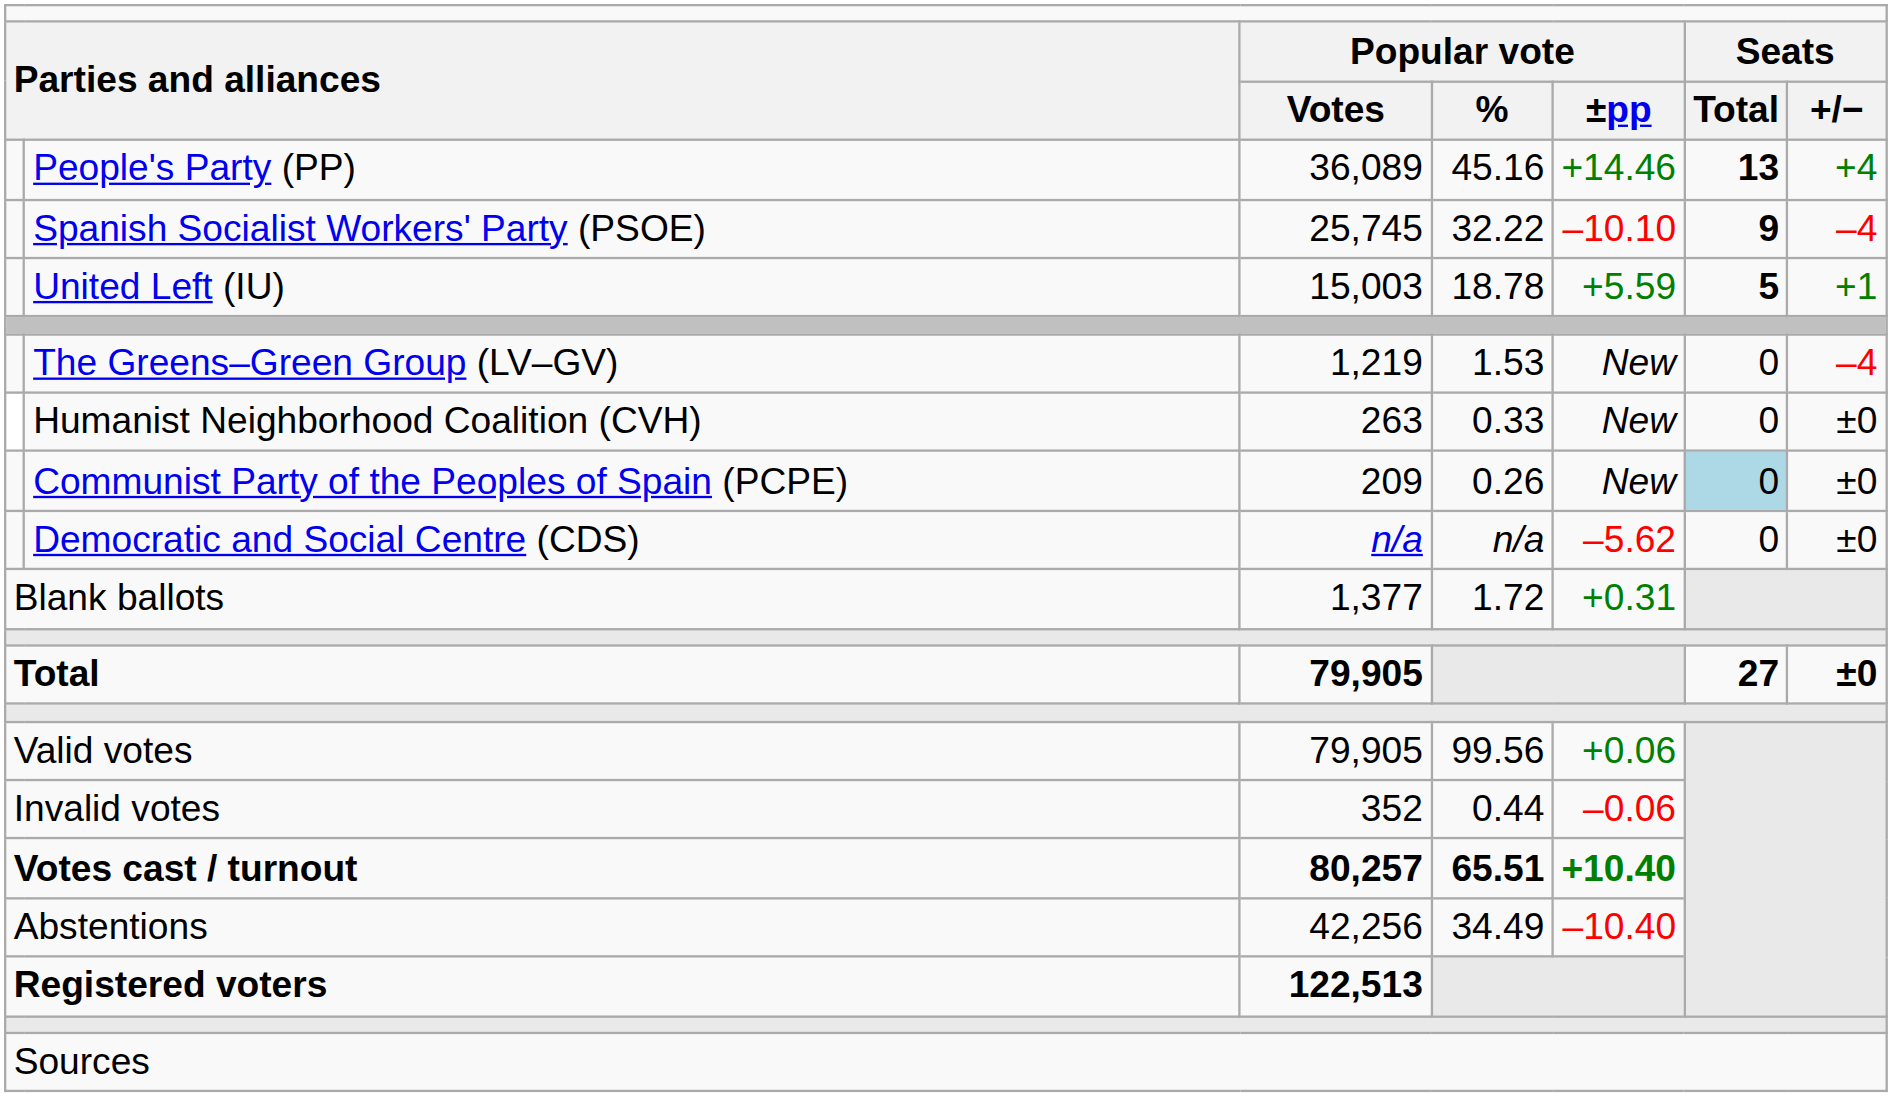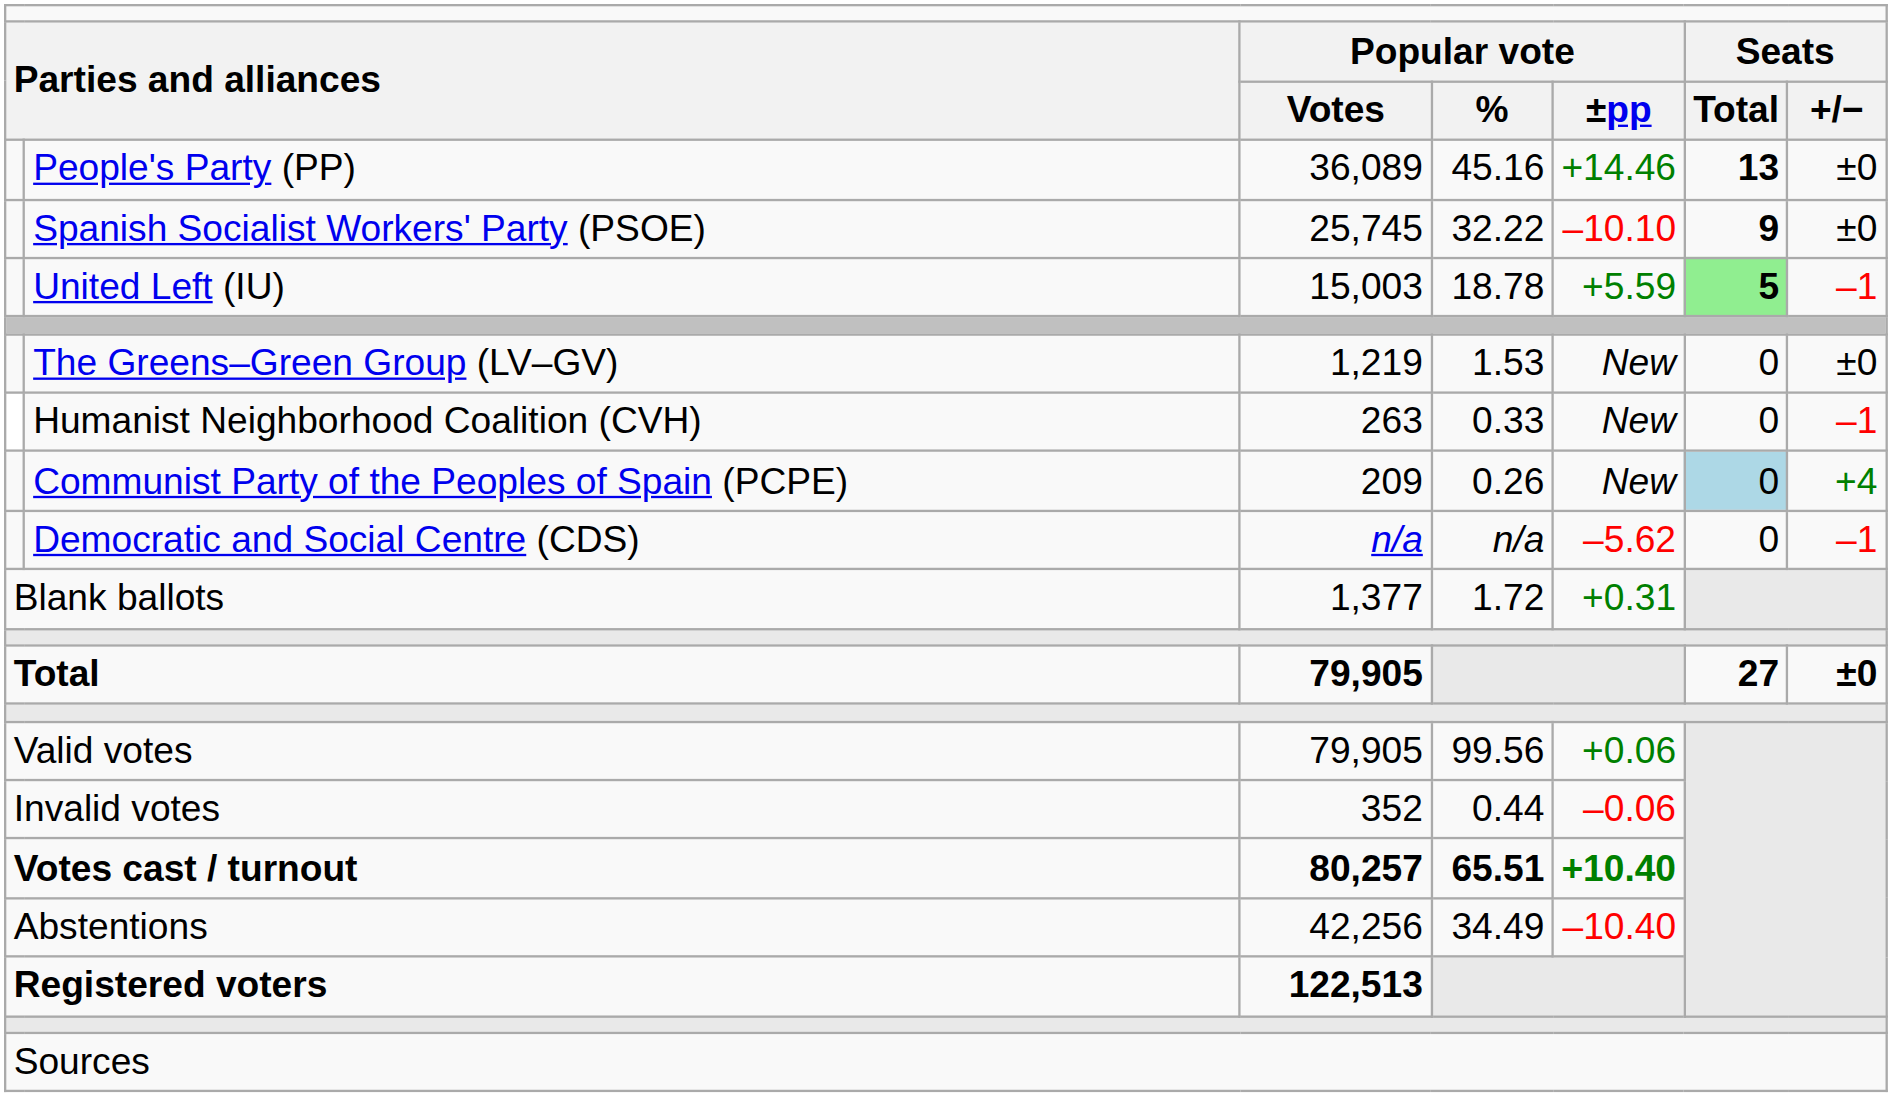 <table class="wikitable" style="text-align:right;">
 <tr>
 <td colspan="7"></td>
 </tr>
 <tr>
 <th style="text-align:left;" rowspan="2" colspan="2" width="525">Parties and alliances</th>
 <th colspan="3">Popular vote</th>
 <th colspan="2">Seats</th>
 </tr>
 <tr>
 <th width="75">Votes</th>
 <th width="45">%</th>
 <th width="45">±<a href='#'>pp</a></th>
 <th width="35">Total</th>
 <th width="35">+/−</th>
 </tr>
 <tr>
 <td width="1" style="color:inherit;background:"></td>
 <td align="left"><a href='#'>People's Party</a> (PP)</td>
 <td>36,089</td>
 <td>45.16</td>
 <td style="color:green;">+14.46</td>
 <td><strong>13</strong></td>
-<td style="color:green;">+4</td>
+<td>±0</td>
 </tr>
 <tr>
 <td style="color:inherit;background:"></td>
 <td align="left"><a href='#'>Spanish Socialist Workers' Party</a> (PSOE)</td>
 <td>25,745</td>
 <td>32.22</td>
 <td style="color:red;">–10.10</td>
 <td><strong>9</strong></td>
-<td style="color:red;">–4</td>
+<td>±0</td>
 </tr>
 <tr>
 <td style="color:inherit;background:"></td>
 <td align="left"><a href='#'>United Left</a> (IU)</td>
 <td>15,003</td>
 <td>18.78</td>
 <td style="color:green;">+5.59</td>
-<td><strong>5</strong></td>
-<td style="color:green;">+1</td>
+<td style="background: lightgreen;"><strong>5</strong></td>
+<td style="color:red;">–1</td>
 </tr>
 <tr>
 <td colspan="7" bgcolor="#C0C0C0"></td>
 </tr>
 <tr>
 <td style="color:inherit;background:"></td>
 <td align="left"><a href='#'>The Greens–Green Group</a> (LV–GV)</td>
 <td>1,219</td>
 <td>1.53</td>
 <td><em>New</em></td>
 <td>0</td>
-<td style="color:red;">–4</td>
+<td>±0</td>
 </tr>
 <tr>
 <td bgcolor="white"></td>
 <td align="left">Humanist Neighborhood Coalition (CVH)</td>
 <td>263</td>
 <td>0.33</td>
 <td><em>New</em></td>
 <td>0</td>
-<td>±0</td>
+<td style="color:red;">–1</td>
 </tr>
 <tr>
 <td style="color:inherit;background:"></td>
 <td align="left"><a href='#'>Communist Party of the Peoples of Spain</a> (PCPE)</td>
 <td>209</td>
 <td>0.26</td>
 <td><em>New</em></td>
 <td style="background: lightblue;">0</td>
-<td>±0</td>
+<td style="color:green;">+4</td>
 </tr>
 <tr>
 <td style="color:inherit;background:"></td>
 <td align="left"><a href='#'>Democratic and Social Centre</a> (CDS)</td>
 <td><em><a href='#'>n/a</a></em></td>
 <td><em>n/a</em></td>
 <td style="color:red;">–5.62</td>
 <td>0</td>
-<td>±0</td>
+<td style="color:red;">–1</td>
 </tr>
 <tr>
 <td align="left" colspan="2">Blank ballots</td>
 <td>1,377</td>
 <td>1.72</td>
 <td style="color:green;">+0.31</td>
 <td bgcolor="#E9E9E9" colspan="2"></td>
 </tr>
 <tr>
 <td colspan="7" bgcolor="#E9E9E9"></td>
 </tr>
 <tr style="font-weight:bold;">
 <td align="left" colspan="2">Total</td>
 <td>79,905</td>
 <td bgcolor="#E9E9E9" colspan="2"></td>
 <td>27</td>
 <td>±0</td>
 </tr>
 <tr>
 <td colspan="7" bgcolor="#E9E9E9"></td>
 </tr>
 <tr>
 <td align="left" colspan="2">Valid votes</td>
 <td>79,905</td>
 <td>99.56</td>
 <td style="color:green;">+0.06</td>
 <td bgcolor="#E9E9E9" colspan="2" rowspan="5"></td>
 </tr>
 <tr>
 <td align="left" colspan="2">Invalid votes</td>
 <td>352</td>
 <td>0.44</td>
 <td style="color:red;">–0.06</td>
 </tr>
 <tr style="font-weight:bold;">
 <td align="left" colspan="2">Votes cast / turnout</td>
 <td>80,257</td>
 <td>65.51</td>
 <td style="color:green;">+10.40</td>
 </tr>
 <tr>
 <td align="left" colspan="2">Abstentions</td>
 <td>42,256</td>
 <td>34.49</td>
 <td style="color:red;">–10.40</td>
 </tr>
 <tr style="font-weight:bold;">
 <td align="left" colspan="2">Registered voters</td>
 <td>122,513</td>
 <td bgcolor="#E9E9E9" colspan="2"></td>
 </tr>
 <tr>
 <td colspan="7" bgcolor="#E9E9E9"></td>
 </tr>
 <tr>
 <td align="left" colspan="7">Sources</td>
 </tr>
 </table>
